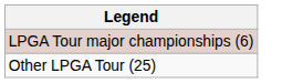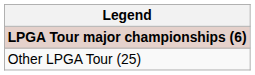 <table class="wikitable" style="font-size:95%;">
 <tr>
 <th>Legend</th>
 </tr>
 <tr style="background:#e5d1cb;">
-<td>LPGA Tour major championships (6)</td>
+<td><strong>LPGA Tour major championships (6)</strong></td>
 </tr>
 <tr>
 <td>Other LPGA Tour (25)</td>
 </tr>
 </table>
